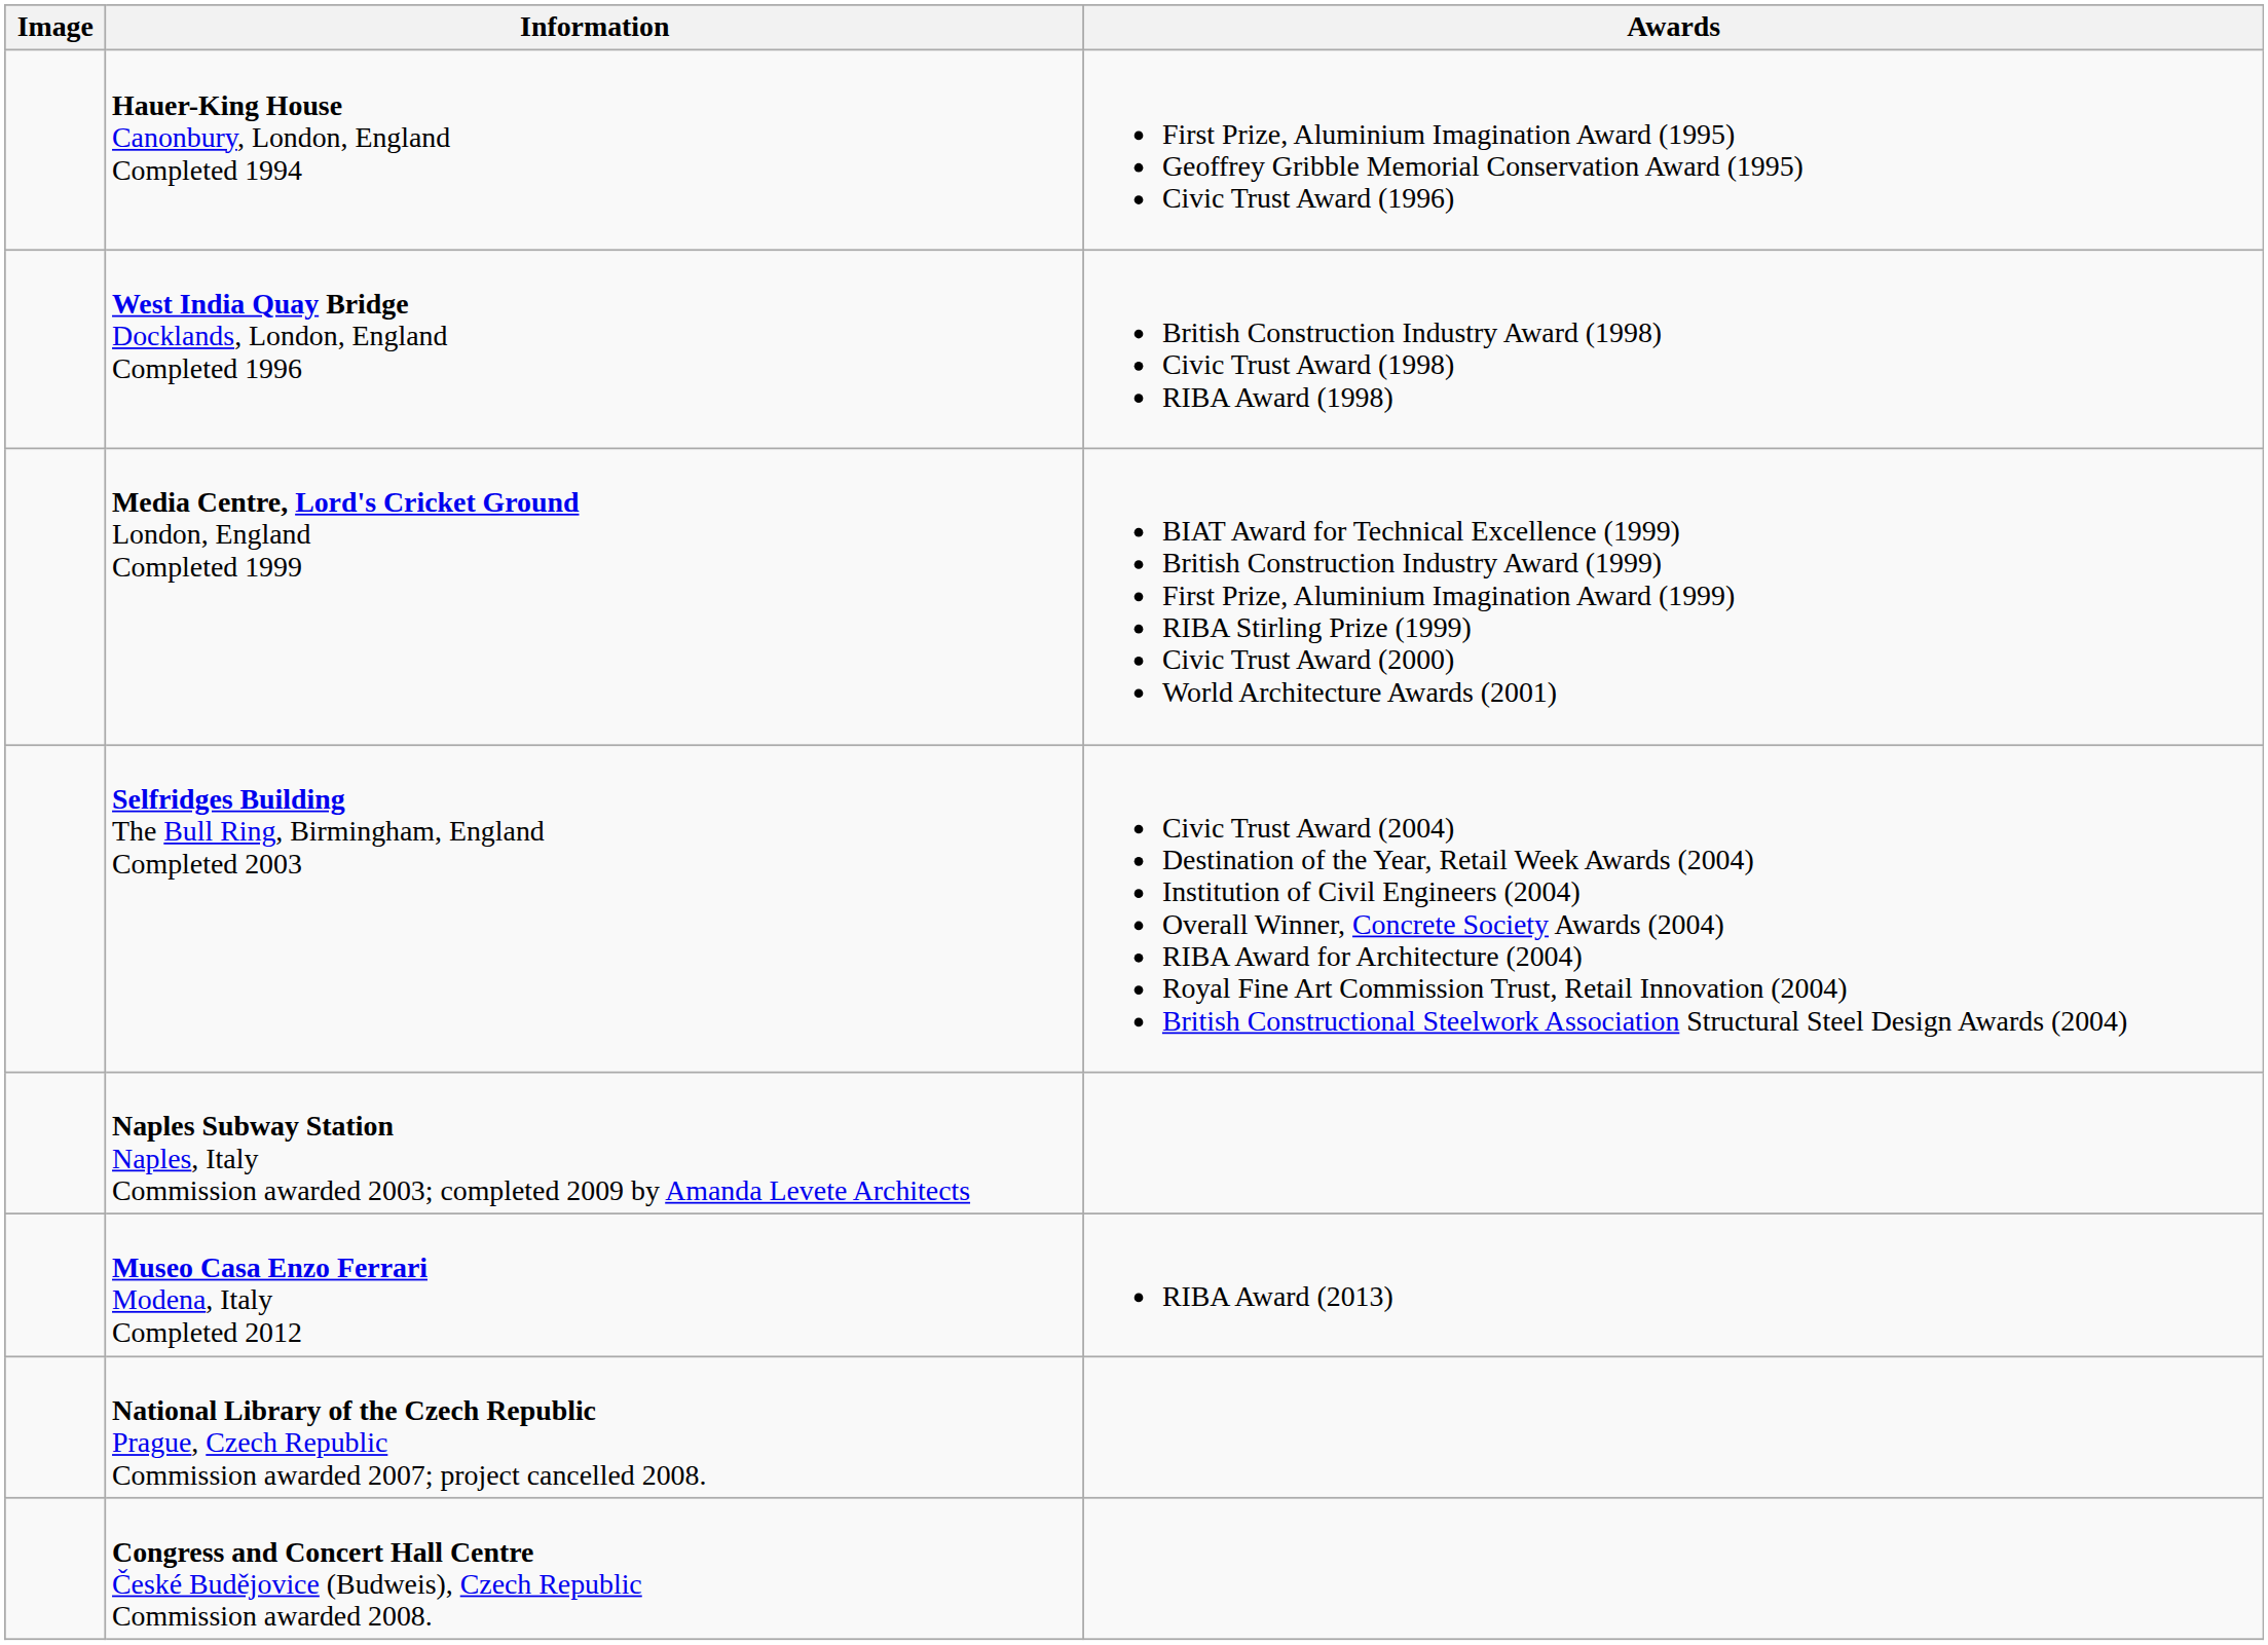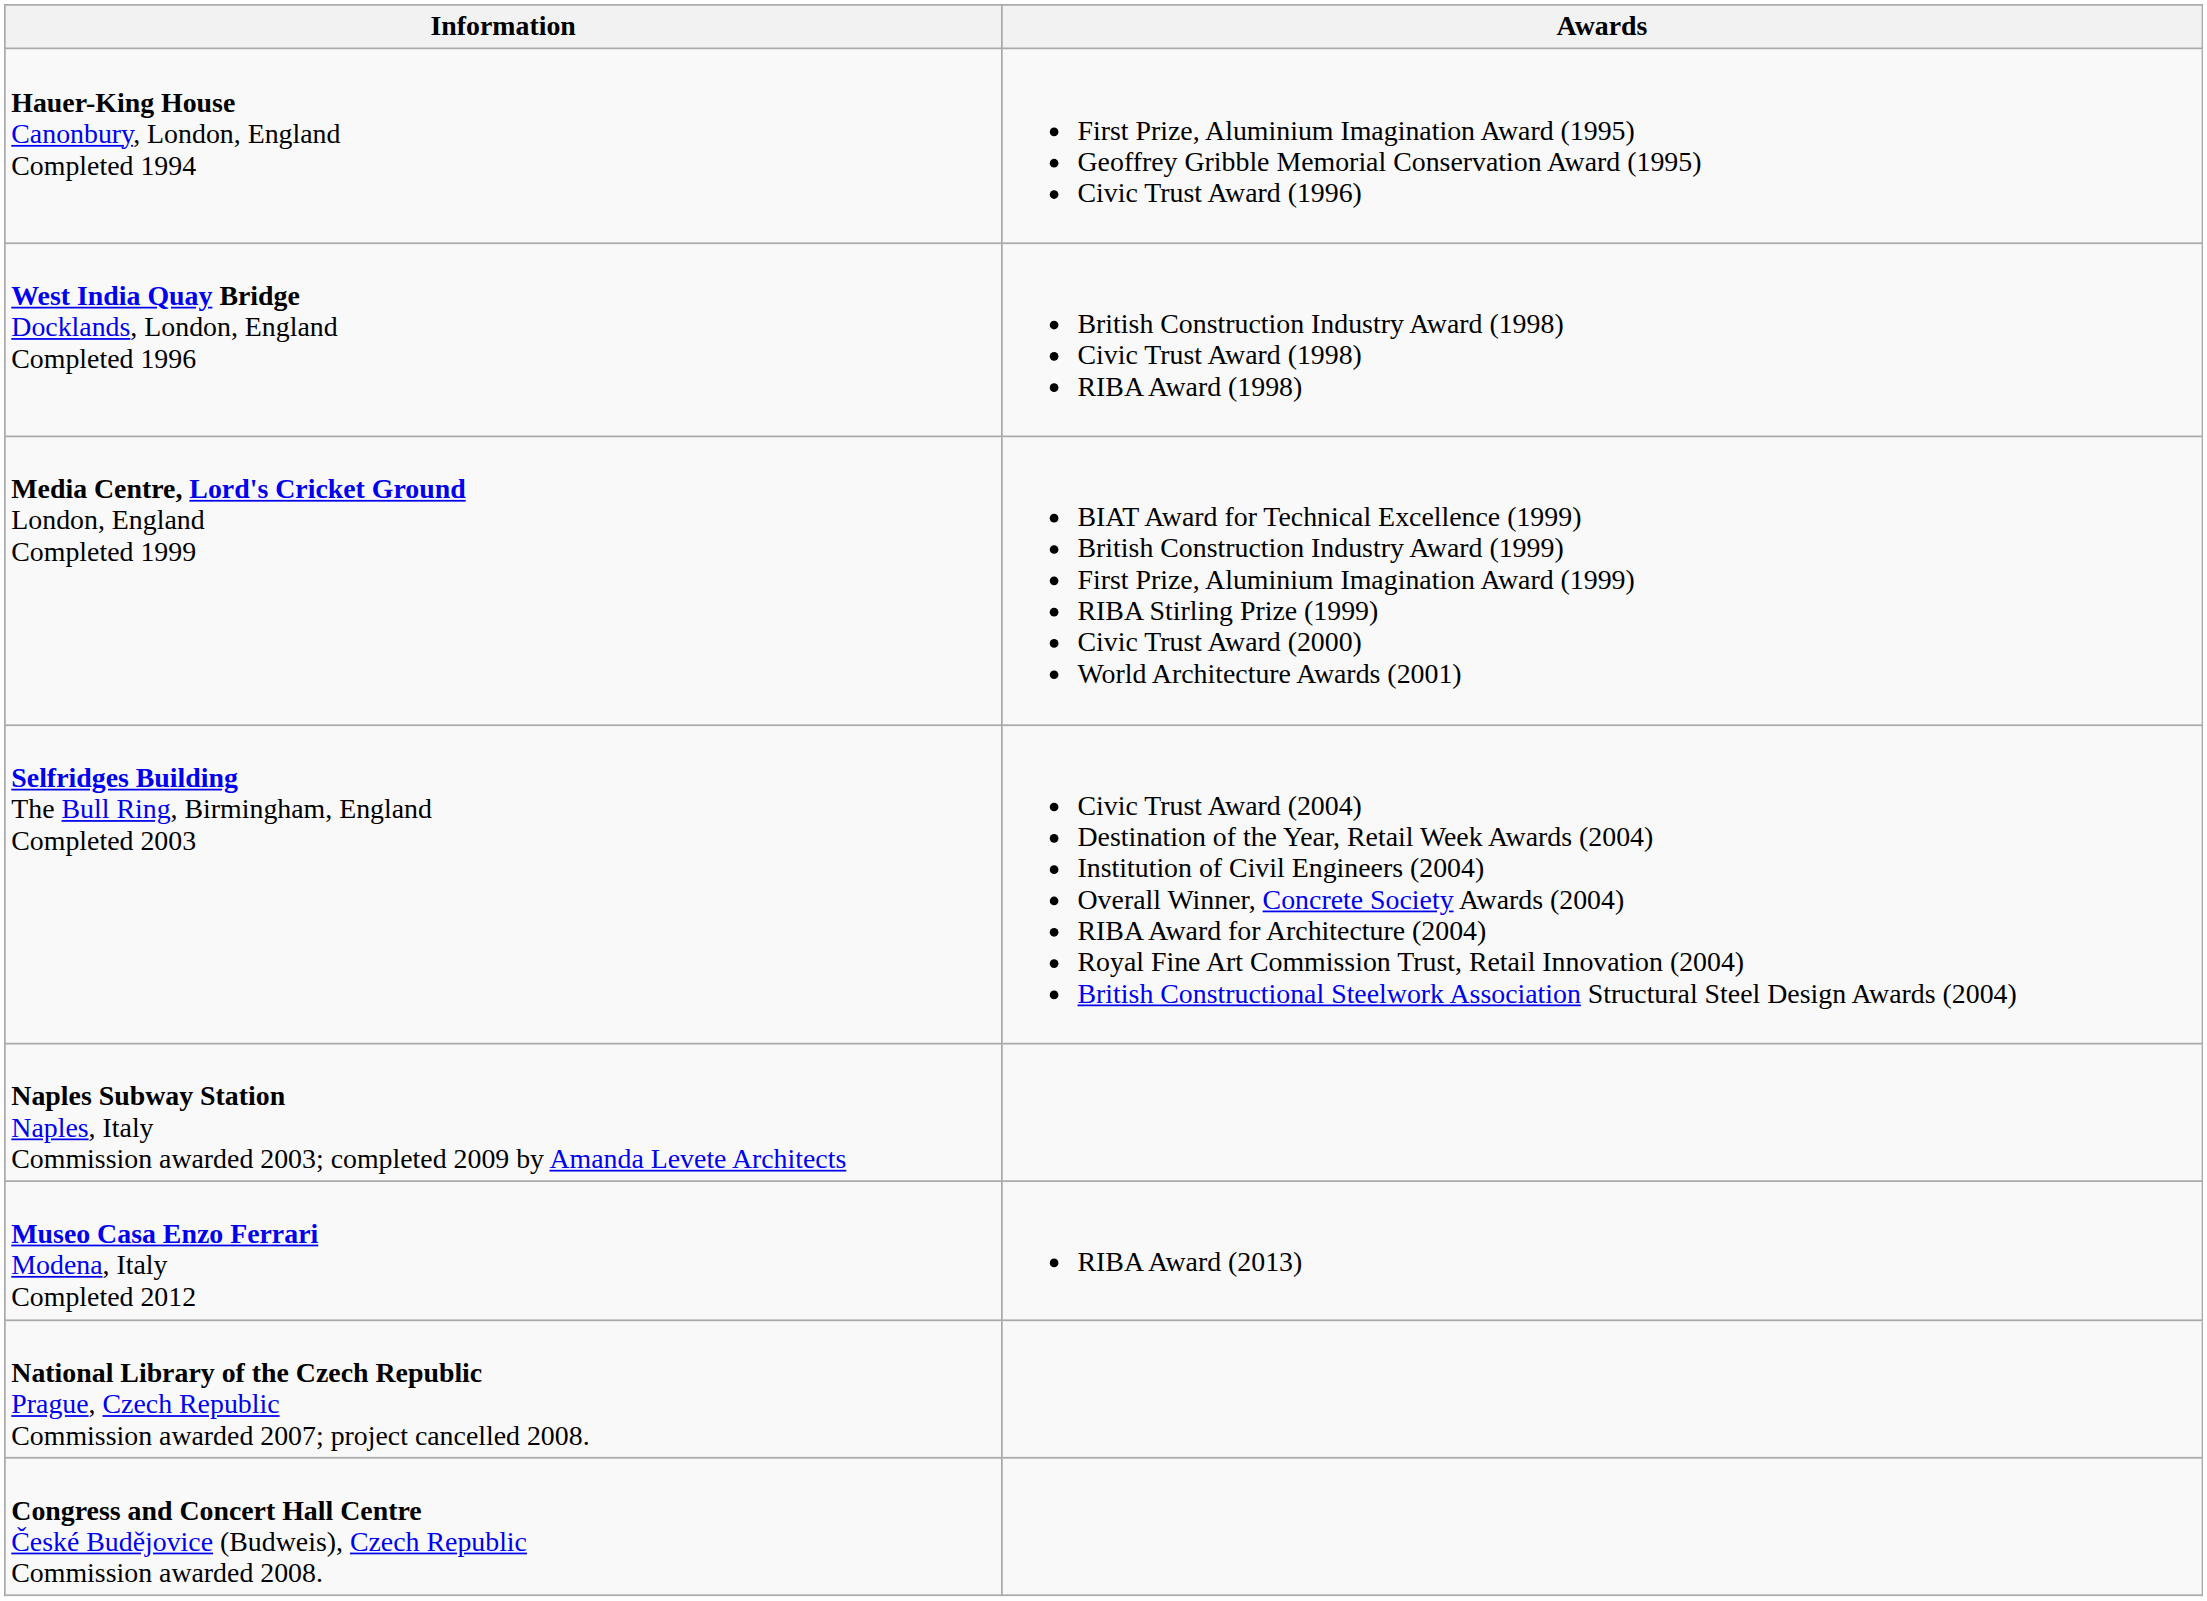 <table class="wikitable" style="width:100%;">
 <tr>
-<th>Image</th>
 <th>Information</th>
 <th>Awards</th>
 </tr>
 <tr valign=top>
-<td align=center></td>
 <td><br><strong>Hauer-King House</strong><br> <a href='#'>Canonbury</a>, London, England<br> Completed 1994</td>
 <td><br><ul><li>First Prize, Aluminium Imagination Award (1995)</li><li>Geoffrey Gribble Memorial Conservation Award (1995)</li><li>Civic Trust Award (1996)</li></ul></td>
 </tr>
 <tr valign=top>
-<td align=center></td>
 <td><br><strong><a href='#'>West India Quay</a> Bridge</strong><br> <a href='#'>Docklands</a>, London, England<br> Completed 1996</td>
 <td><br><ul><li>British Construction Industry Award (1998)</li><li>Civic Trust Award (1998)</li><li>RIBA Award (1998)</li></ul></td>
 </tr>
 <tr valign=top>
-<td align=center></td>
 <td><br><strong>Media Centre, <a href='#'>Lord's Cricket Ground</a></strong><br> London, England<br> Completed 1999</td>
 <td><br><ul><li>BIAT Award for Technical Excellence (1999)</li><li>British Construction Industry Award (1999)</li><li>First Prize, Aluminium Imagination Award (1999)</li><li>RIBA Stirling Prize (1999)</li><li>Civic Trust Award (2000)</li><li>World Architecture Awards (2001)</li></ul></td>
 </tr>
 <tr valign=top>
-<td align=center></td>
 <td><br><strong><a href='#'>Selfridges Building</a></strong><br> The <a href='#'>Bull Ring</a>, Birmingham, England<br> Completed 2003</td>
 <td><br><ul><li>Civic Trust Award (2004)</li><li>Destination of the Year, Retail Week Awards (2004)</li><li>Institution of Civil Engineers (2004)</li><li>Overall Winner, <a href='#'>Concrete Society</a> Awards (2004)</li><li>RIBA Award for Architecture (2004)</li><li>Royal Fine Art Commission Trust, Retail Innovation (2004)</li><li><a href='#'>British Constructional Steelwork Association</a> Structural Steel Design Awards (2004)</li></ul></td>
 </tr>
 <tr valign=top>
-<td></td>
 <td><br><strong>Naples Subway Station</strong><br> <a href='#'>Naples</a>, Italy<br> Commission awarded 2003; completed 2009 by <a href='#'>Amanda Levete Architects</a></td>
 <td></td>
 </tr>
 <tr valign=top>
-<td align=center></td>
 <td><br><strong><a href='#'>Museo Casa Enzo Ferrari</a></strong><br> <a href='#'>Modena</a>, Italy<br> Completed 2012</td>
 <td><br><ul><li>RIBA Award (2013)</li></ul></td>
 </tr>
 <tr valign=top>
-<td align=center></td>
 <td><br><strong>National Library of the Czech Republic</strong><br> <a href='#'>Prague</a>, <a href='#'>Czech Republic</a><br> Commission awarded 2007; project cancelled 2008.</td>
 <td></td>
 </tr>
 <tr valign=top>
-<td></td>
 <td><br><strong>Congress and Concert Hall Centre</strong><br> <a href='#'>České Budějovice</a> (Budweis), <a href='#'>Czech Republic</a><br> Commission awarded 2008.</td>
 <td></td>
 </tr>
 </table>
